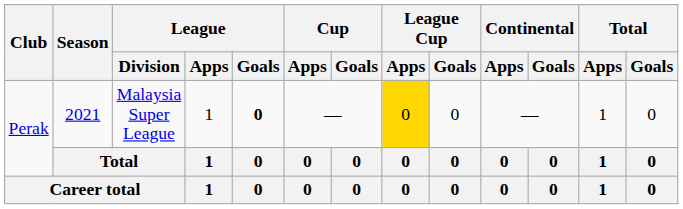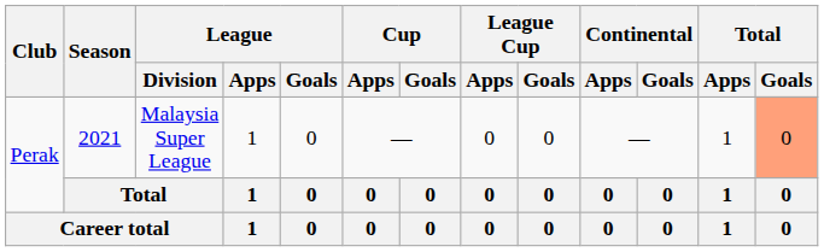 <table class=wikitable style="text-align: center">
 <tr>
 <th rowspan=2>Club</th>
 <th rowspan=2>Season</th>
 <th colspan=3>League</th>
 <th colspan=2>Cup</th>
 <th colspan=2>League Cup</th>
 <th colspan=2>Continental</th>
 <th colspan=2>Total</th>
 </tr>
 <tr>
 <th>Division</th>
 <th>Apps</th>
 <th>Goals</th>
 <th>Apps</th>
 <th>Goals</th>
 <th>Apps</th>
 <th>Goals</th>
 <th>Apps</th>
 <th>Goals</th>
 <th>Apps</th>
 <th>Goals</th>
 </tr>
 <tr>
 <td rowspan="2"><a href='#'>Perak</a></td>
 <td><a href='#'>2021</a></td>
 <td><a href='#'>Malaysia Super League</a></td>
 <td>1</td>
-<td><strong>0</strong></td>
+<td>0</td>
 <td colspan="2">—</td>
-<td style="background: gold;">0</td>
+<td>0</td>
 <td>0</td>
 <td colspan="2">—</td>
 <td>1</td>
-<td>0</td>
+<td style="background: lightsalmon;">0</td>
 </tr>
 <tr>
 <th colspan=2>Total</th>
 <th>1</th>
 <th>0</th>
 <th>0</th>
 <th>0</th>
 <th>0</th>
 <th>0</th>
 <th>0</th>
 <th>0</th>
 <th>1</th>
 <th>0</th>
 </tr>
 <tr>
 <th colspan=3>Career total</th>
 <th>1</th>
 <th>0</th>
 <th>0</th>
 <th>0</th>
 <th>0</th>
 <th>0</th>
 <th>0</th>
 <th>0</th>
 <th>1</th>
 <th>0</th>
 </tr>
 </table>
